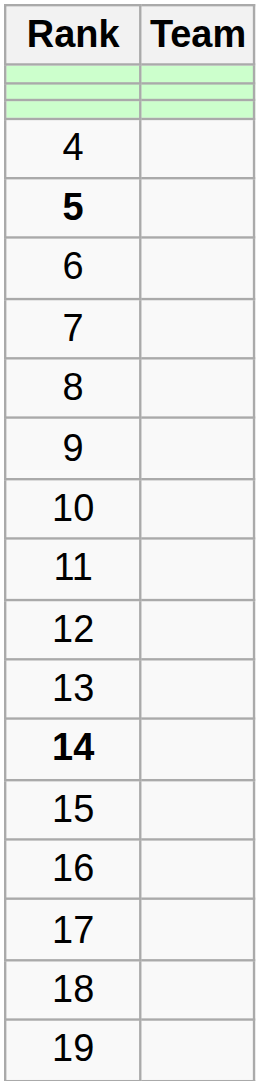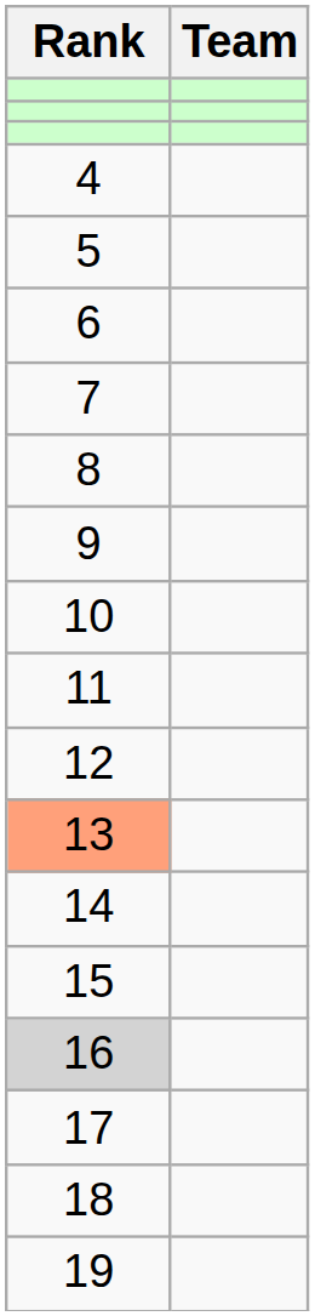 <table class="wikitable" style="text-align: center">
 <tr>
 <th width=50>Rank</th>
 <th>Team</th>
 </tr>
 <tr bgcolor=#ccffcc>
 <td></td>
 <td align=left></td>
 </tr>
 <tr bgcolor=#ccffcc>
 <td></td>
 <td align=left></td>
 </tr>
 <tr bgcolor=#ccffcc>
 <td></td>
 <td align=left></td>
 </tr>
 <tr>
 <td>4</td>
 <td align=left></td>
 </tr>
 <tr>
-<td><strong>5</strong></td>
+<td>5</td>
 <td align=left></td>
 </tr>
 <tr>
 <td>6</td>
 <td align=left></td>
 </tr>
 <tr>
 <td>7</td>
 <td align=left></td>
 </tr>
 <tr>
 <td>8</td>
 <td align=left></td>
 </tr>
 <tr>
 <td>9</td>
 <td align=left></td>
 </tr>
 <tr>
 <td>10</td>
 <td align=left></td>
 </tr>
 <tr>
 <td>11</td>
 <td align=left></td>
 </tr>
 <tr>
 <td>12</td>
 <td align=left></td>
 </tr>
 <tr>
-<td>13</td>
+<td style="background: lightsalmon;">13</td>
 <td align=left></td>
 </tr>
 <tr>
-<td><strong>14</strong></td>
+<td>14</td>
 <td align=left></td>
 </tr>
 <tr>
 <td>15</td>
 <td align=left></td>
 </tr>
 <tr>
-<td>16</td>
+<td style="background: lightgrey;">16</td>
 <td align=left></td>
 </tr>
 <tr>
 <td>17</td>
 <td align=left></td>
 </tr>
 <tr>
 <td>18</td>
 <td align=left></td>
 </tr>
 <tr>
 <td>19</td>
 <td align=left></td>
 </tr>
 </table>
